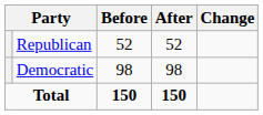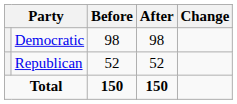 <table class="wikitable" style="text-align:center;">
 <tr>
 <th colspan="2">Party</th>
 <th>Before</th>
 <th>After</th>
 <th>Change</th>
 </tr>
 <tr>
 <th style="background-color:"></th>
-<td style="text-align:left;"><a href='#'>Republican</a></td>
-<td>52</td>
-<td>52</td>
+<td style="text-align:left;"><a href='#'>Democratic</a></td>
+<td>98</td>
+<td>98</td>
 <td></td>
 </tr>
 <tr>
 <th style="background-color:"></th>
-<td style="text-align:left;"><a href='#'>Democratic</a></td>
-<td>98</td>
-<td>98</td>
+<td style="text-align:left;"><a href='#'>Republican</a></td>
+<td>52</td>
+<td>52</td>
 <td></td>
 </tr>
 <tr>
 <td colspan="2"><strong>Total</strong></td>
 <td><strong>150</strong></td>
 <td><strong>150</strong></td>
 <td></td>
 </tr>
 </table>
